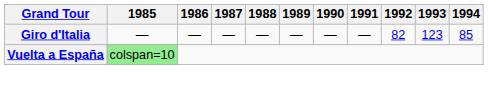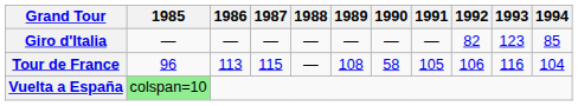 <table class="wikitable plainrowheaders">
 <tr>
 <th scope="col"><a href='#'>Grand Tour</a></th>
 <th scope="col">1985</th>
 <th scope="col">1986</th>
 <th scope="col">1987</th>
 <th scope="col">1988</th>
 <th scope="col">1989</th>
 <th scope="col">1990</th>
 <th scope="col">1991</th>
 <th scope="col">1992</th>
 <th scope="col">1993</th>
 <th scope="col">1994</th>
 </tr>
 <tr style="text-align:center;">
 <th scope="row"> <a href='#'>Giro d'Italia</a></th>
 <td>—</td>
 <td>—</td>
 <td>—</td>
 <td>—</td>
 <td>—</td>
 <td>—</td>
 <td>—</td>
 <td><a href='#'>82</a></td>
 <td><a href='#'>123</a></td>
 <td><a href='#'>85</a></td>
 </tr>
 <tr style="text-align:center;">
+<th scope="row"> <a href='#'>Tour de France</a></th>
+<td><a href='#'>96</a></td>
+<td><a href='#'>113</a></td>
+<td><a href='#'>115</a></td>
+<td>—</td>
+<td><a href='#'>108</a></td>
+<td><a href='#'>58</a></td>
+<td><a href='#'>105</a></td>
+<td><a href='#'>106</a></td>
+<td><a href='#'>116</a></td>
+<td><a href='#'>104</a></td>
+</tr>
+<tr style="text-align:center;">
 <th scope="row"> <a href='#'>Vuelta a España</a></th>
 <td style="background: lightgreen;">colspan=10 </td>
 </tr>
 </table>
